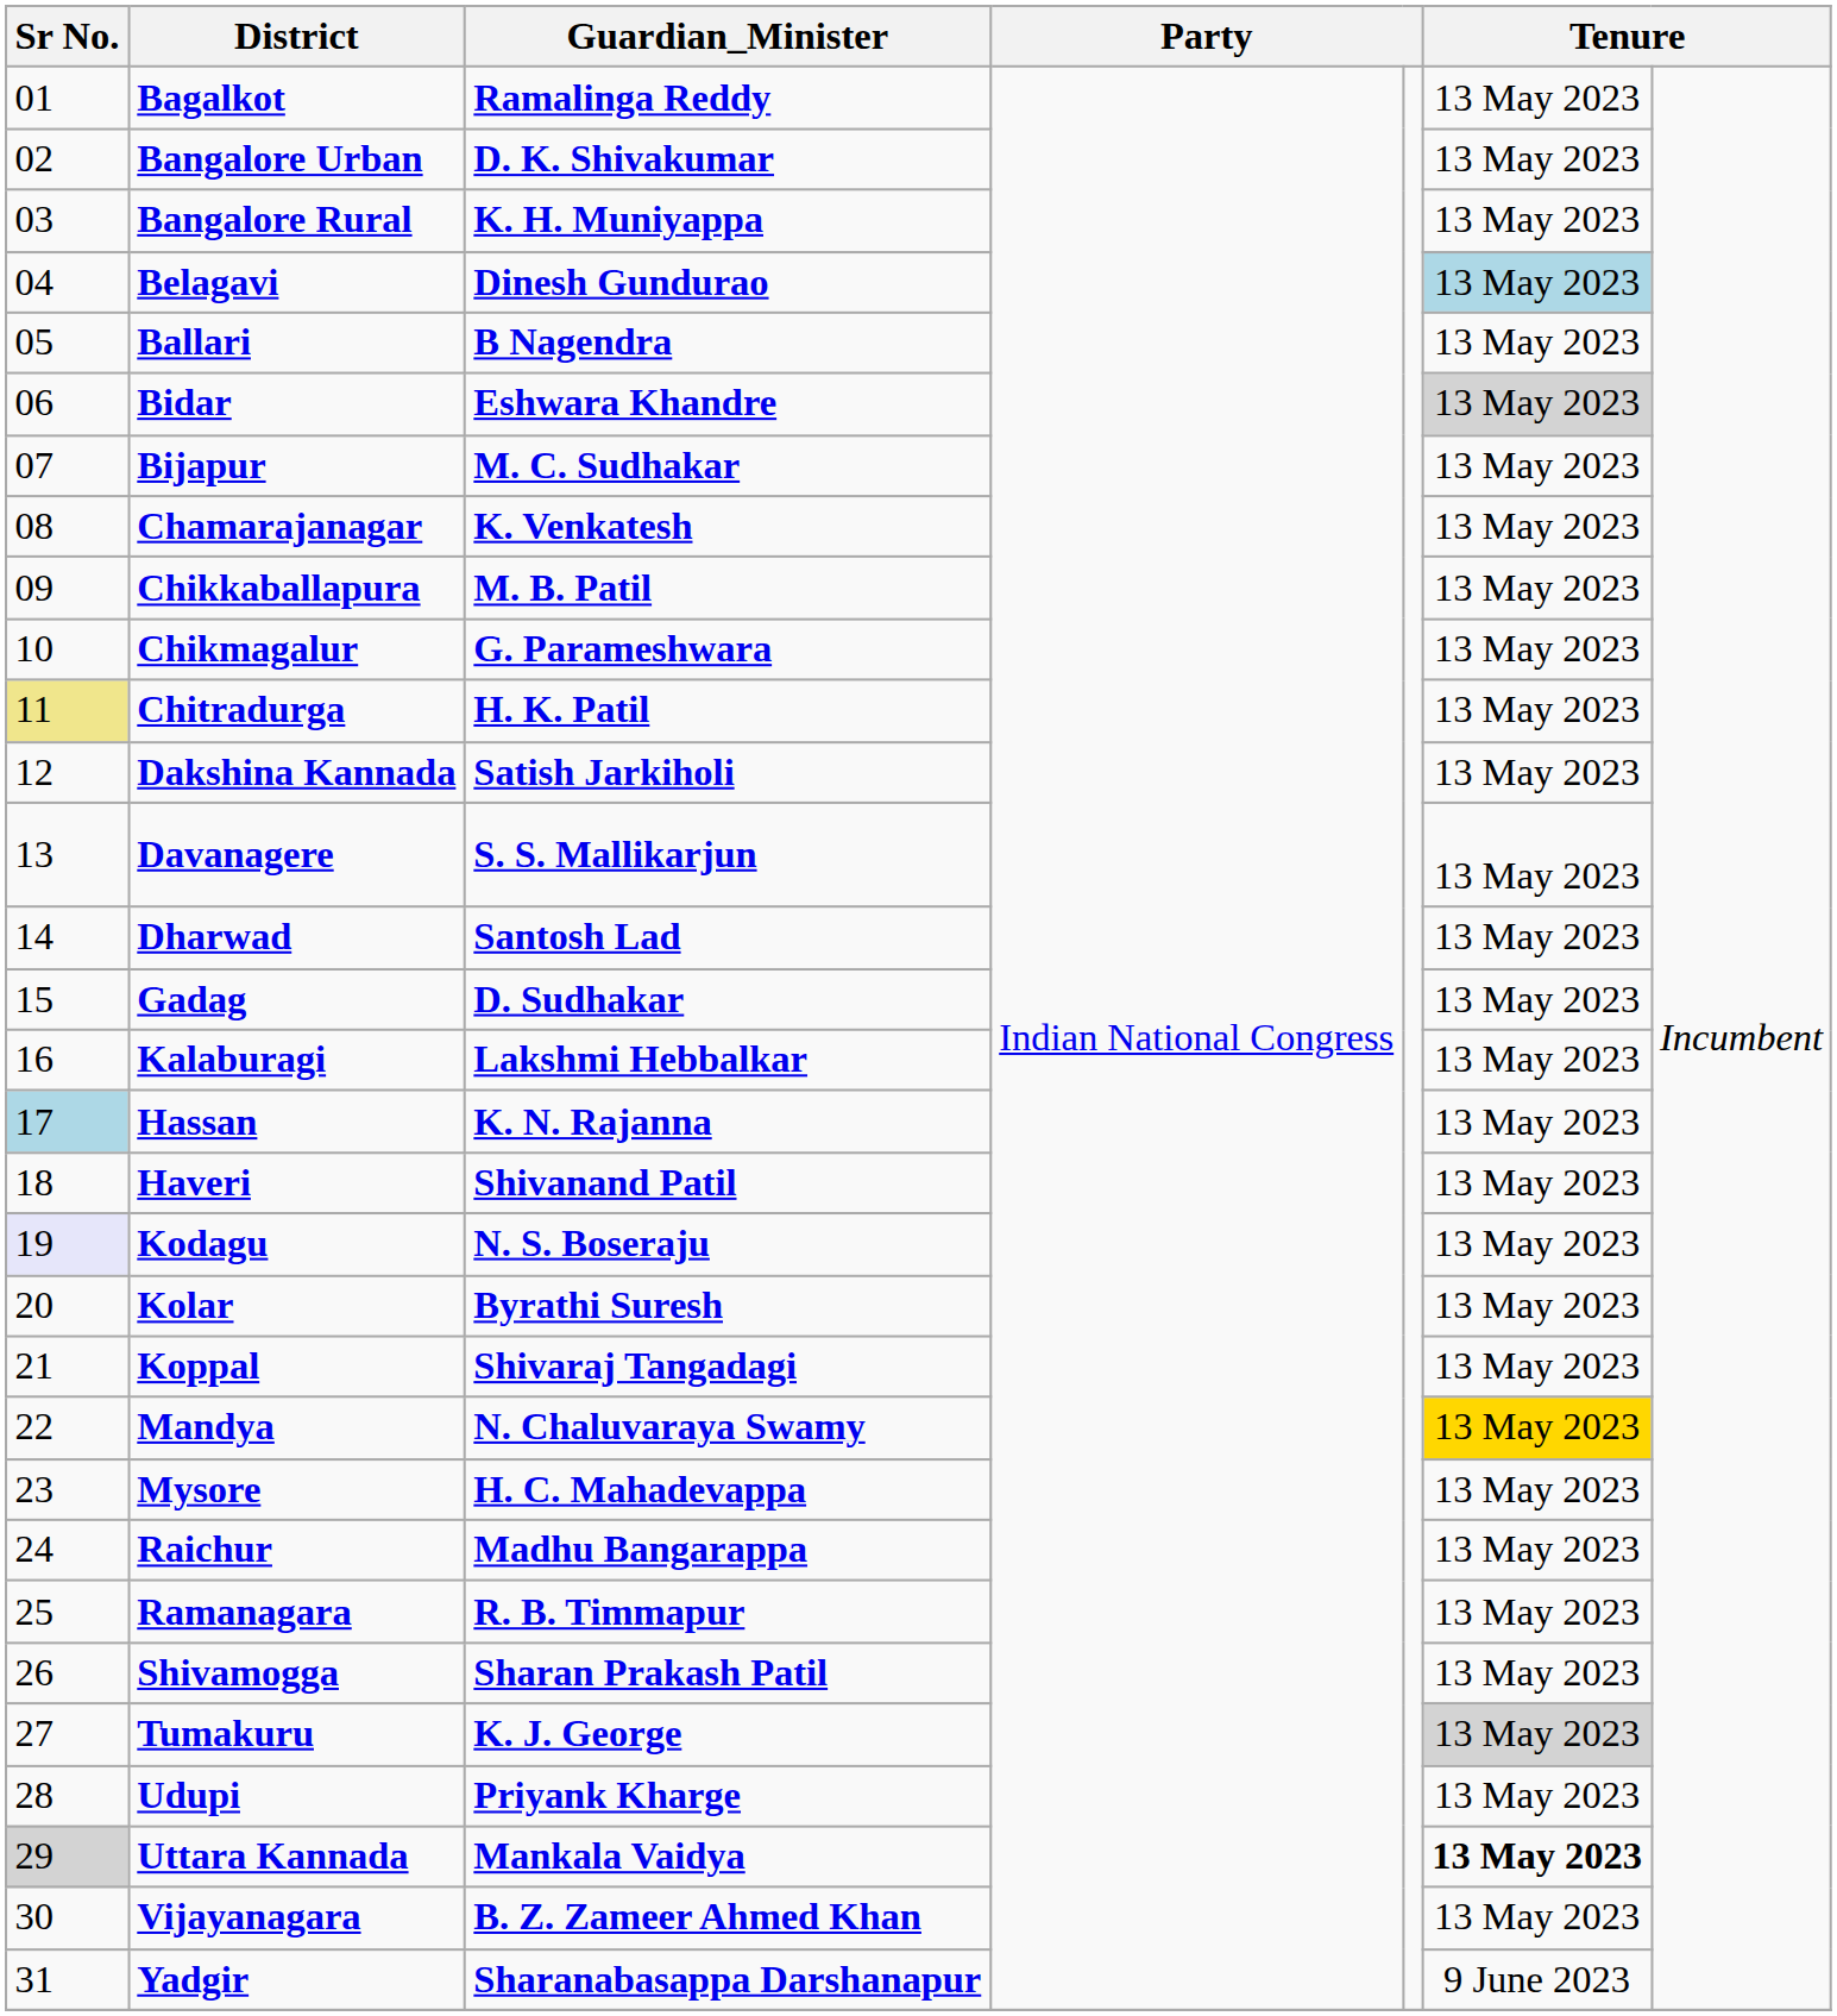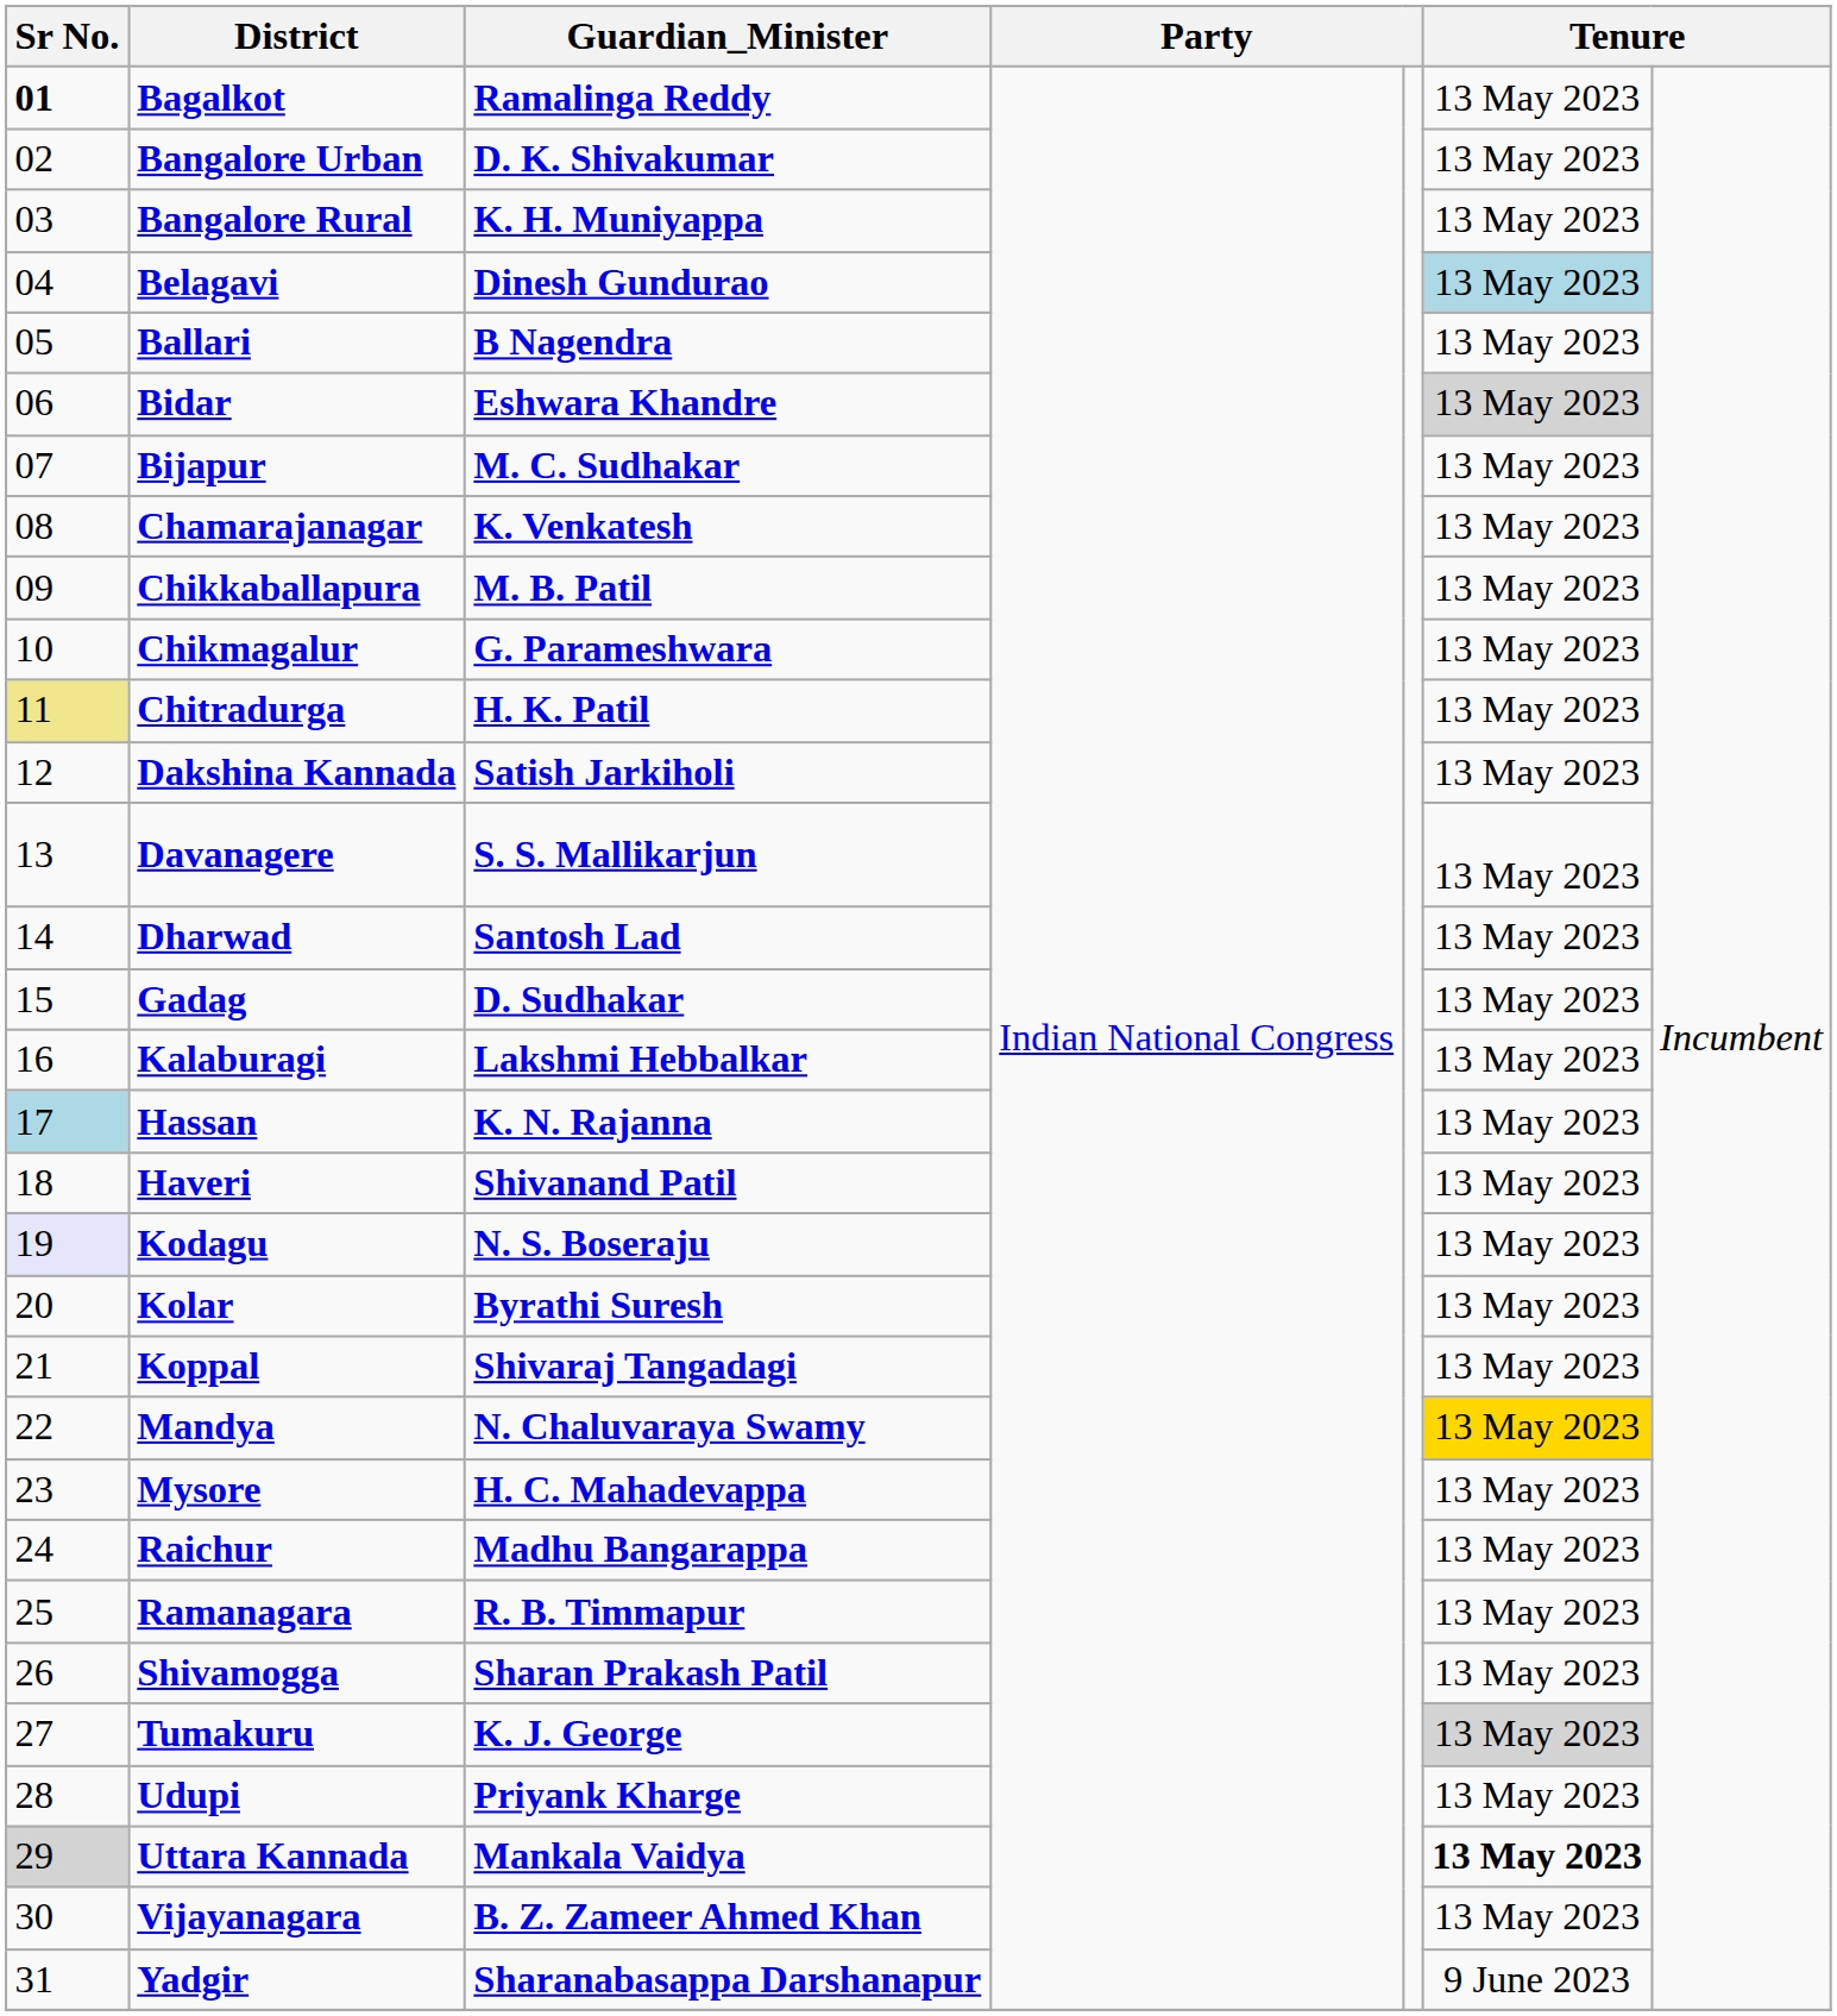 <table class="wikitable">
 <tr>
 <th>Sr No.</th>
 <th>District</th>
 <th>Guardian_Minister</th>
 <th colspan="2" scope="col">Party</th>
 <th colspan="2" scope="col">Tenure</th>
 </tr>
 <tr>
-<td>01</td>
+<td><strong>01</strong></td>
 <td><strong><a href='#'>Bagalkot</a></strong></td>
 <td><strong><a href='#'>Ramalinga Reddy</a></strong></td>
 <td rowspan=31><a href='#'>Indian National Congress</a></td>
 <td rowspan=31 style="width:1px; background-color: "></td>
 <td style="text-align:center;">13 May 2023</td>
 <td rowspan="31"style="text-align:center;"><em>Incumbent</em></td>
 </tr>
 <tr>
 <td>02</td>
 <td><strong><a href='#'>Bangalore Urban</a></strong></td>
 <td><strong><a href='#'>D. K. Shivakumar</a></strong></td>
 <td style="text-align:center;">13 May 2023</td>
 </tr>
 <tr>
 <td>03</td>
 <td><strong><a href='#'>Bangalore Rural</a></strong></td>
 <td><strong><a href='#'>K. H. Muniyappa</a></strong></td>
 <td style="text-align:center;">13 May 2023</td>
 </tr>
 <tr>
 <td>04</td>
 <td><strong><a href='#'>Belagavi</a></strong></td>
 <td><strong><a href='#'>Dinesh Gundurao </a></strong></td>
 <td style="background: lightblue; text-align:center;">13 May 2023</td>
 </tr>
 <tr>
 <td>05</td>
 <td><strong><a href='#'>Ballari</a></strong></td>
 <td><strong><a href='#'>B Nagendra</a></strong></td>
 <td style="text-align:center;">13 May 2023</td>
 </tr>
 <tr>
 <td>06</td>
 <td><strong><a href='#'>Bidar</a></strong></td>
 <td><strong><a href='#'>Eshwara Khandre</a></strong></td>
 <td style="background: lightgrey; text-align:center;">13 May 2023</td>
 </tr>
 <tr>
 <td>07</td>
 <td><strong><a href='#'>Bijapur</a></strong></td>
 <td><strong><a href='#'>M. C. Sudhakar</a></strong></td>
 <td style="text-align:center;">13 May 2023</td>
 </tr>
 <tr>
 <td>08</td>
 <td><strong><a href='#'>Chamarajanagar</a></strong></td>
 <td><strong><a href='#'>K. Venkatesh</a></strong></td>
 <td style="text-align:center;">13 May 2023</td>
 </tr>
 <tr>
 <td>09</td>
 <td><strong><a href='#'>Chikkaballapura</a></strong></td>
 <td><strong><a href='#'>M. B. Patil</a></strong></td>
 <td style="text-align:center;">13 May 2023</td>
 </tr>
 <tr>
 <td>10</td>
 <td><strong><a href='#'>Chikmagalur</a></strong></td>
 <td><strong><a href='#'>G. Parameshwara</a></strong></td>
 <td style="text-align:center;">13 May 2023</td>
 </tr>
 <tr>
 <td style="background: khaki;">11</td>
 <td><strong><a href='#'>Chitradurga</a></strong></td>
 <td><strong><a href='#'>H. K. Patil</a></strong></td>
 <td style="text-align:center;">13 May 2023</td>
 </tr>
 <tr>
 <td>12</td>
 <td><strong><a href='#'>Dakshina Kannada</a></strong></td>
 <td><strong><a href='#'>Satish Jarkiholi</a></strong></td>
 <td style="text-align:center;">13 May 2023</td>
 </tr>
 <tr>
 <td>13</td>
 <td><strong><a href='#'>Davanagere</a></strong></td>
 <td><strong><a href='#'>S. S. Mallikarjun</a></strong></td>
 <td style="text-align:center;"><br>13 May 2023</td>
 </tr>
 <tr>
 <td>14</td>
 <td><strong><a href='#'>Dharwad</a></strong></td>
 <td><strong><a href='#'>Santosh Lad</a></strong></td>
 <td style="text-align:center;">13 May 2023</td>
 </tr>
 <tr>
 <td>15</td>
 <td><strong><a href='#'>Gadag</a></strong></td>
 <td><strong><a href='#'>D. Sudhakar</a></strong></td>
 <td style="text-align:center;">13 May 2023</td>
 </tr>
 <tr>
 <td>16</td>
 <td><strong><a href='#'>Kalaburagi</a></strong></td>
 <td><strong><a href='#'>Lakshmi Hebbalkar</a> </strong></td>
 <td style="text-align:center;">13 May 2023</td>
 </tr>
 <tr>
 <td style="background: lightblue;">17</td>
 <td><strong><a href='#'>Hassan</a></strong></td>
 <td><strong><a href='#'>K. N. Rajanna</a></strong></td>
 <td style="text-align:center;">13 May 2023</td>
 </tr>
 <tr>
 <td>18</td>
 <td><strong><a href='#'>Haveri</a></strong></td>
 <td><strong><a href='#'>Shivanand Patil</a></strong></td>
 <td style="text-align:center;">13 May 2023</td>
 </tr>
 <tr>
 <td style="background: lavender;">19</td>
 <td><strong><a href='#'>Kodagu</a></strong></td>
 <td><strong><a href='#'>N. S. Boseraju</a></strong></td>
 <td style="text-align:center;">13 May 2023</td>
 </tr>
 <tr>
 <td>20</td>
 <td><strong><a href='#'>Kolar</a></strong></td>
 <td><strong><a href='#'>Byrathi Suresh </a></strong></td>
 <td style="text-align:center;">13 May 2023</td>
 </tr>
 <tr>
 <td>21</td>
 <td><strong><a href='#'>Koppal</a></strong></td>
 <td><strong><a href='#'>Shivaraj Tangadagi</a></strong></td>
 <td style="text-align:center;">13 May 2023</td>
 </tr>
 <tr>
 <td>22</td>
 <td><strong><a href='#'>Mandya</a></strong></td>
 <td><strong><a href='#'>N. Chaluvaraya Swamy</a></strong></td>
 <td style="background: gold; text-align:center;">13 May 2023</td>
 </tr>
 <tr>
 <td>23</td>
 <td><strong><a href='#'>Mysore</a></strong></td>
 <td><strong><a href='#'>H. C. Mahadevappa</a></strong></td>
 <td style="text-align:center;">13 May 2023</td>
 </tr>
 <tr>
 <td>24</td>
 <td><strong><a href='#'>Raichur</a></strong></td>
 <td><strong><a href='#'>Madhu Bangarappa</a></strong></td>
 <td style="text-align:center;">13 May 2023</td>
 </tr>
 <tr>
 <td>25</td>
 <td><strong><a href='#'>Ramanagara</a></strong></td>
 <td><strong><a href='#'>R. B. Timmapur</a></strong></td>
 <td style="text-align:center;">13 May 2023</td>
 </tr>
 <tr>
 <td>26</td>
 <td><strong><a href='#'>Shivamogga</a></strong></td>
 <td><strong><a href='#'>Sharan Prakash Patil</a></strong></td>
 <td style="text-align:center;">13 May 2023</td>
 </tr>
 <tr>
 <td>27</td>
 <td><strong><a href='#'>Tumakuru</a></strong></td>
 <td><strong><a href='#'>K. J. George</a></strong></td>
 <td style="background: lightgrey; text-align:center;">13 May 2023</td>
 </tr>
 <tr>
 <td>28</td>
 <td><strong><a href='#'>Udupi</a></strong></td>
 <td><strong><a href='#'>Priyank Kharge</a></strong></td>
 <td style="text-align:center;">13 May 2023</td>
 </tr>
 <tr>
 <td style="background: lightgrey;">29</td>
 <td><strong><a href='#'>Uttara Kannada</a></strong></td>
 <td><strong><a href='#'>Mankala Vaidya</a></strong></td>
 <td style="text-align:center;"><strong>13 May 2023</strong></td>
 </tr>
 <tr>
 <td>30</td>
 <td><strong><a href='#'>Vijayanagara</a></strong></td>
 <td><strong><a href='#'>B. Z. Zameer Ahmed Khan</a></strong></td>
 <td style="text-align:center;">13 May 2023</td>
 </tr>
 <tr>
 <td>31</td>
 <td><strong><a href='#'>Yadgir</a></strong></td>
 <td><strong><a href='#'>Sharanabasappa Darshanapur</a></strong></td>
 <td style="text-align:center;">9 June 2023</td>
 </tr>
 <tr>
 </tr>
 </table>
